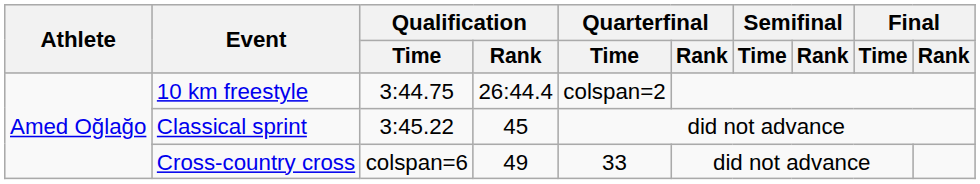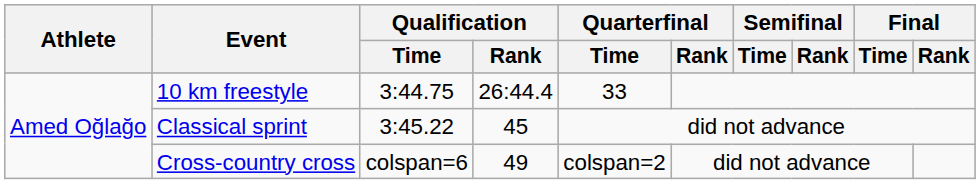 <table class="wikitable" style="font-size:90%">
 <tr>
 <th rowspan="2">Athlete</th>
 <th rowspan="2">Event</th>
 <th colspan="2">Qualification</th>
 <th colspan="2">Quarterfinal</th>
 <th colspan="2">Semifinal</th>
 <th colspan="2">Final</th>
 </tr>
 <tr style="font-size:95%">
 <th>Time</th>
 <th>Rank</th>
 <th>Time</th>
 <th>Rank</th>
 <th>Time</th>
 <th>Rank</th>
 <th>Time</th>
 <th>Rank</th>
 </tr>
 <tr align=center>
 <td align=left rowspan=3><a href='#'>Amed Oğlağo</a></td>
 <td align=left><a href='#'>10 km freestyle</a></td>
 <td>3:44.75</td>
 <td>26:44.4</td>
-<td>colspan=2 </td>
+<td>33</td>
 </tr>
 <tr align=center>
 <td align=left><a href='#'>Classical sprint</a></td>
 <td>3:45.22</td>
 <td>45</td>
 <td colspan=6>did not advance</td>
 </tr>
 <tr align=center>
 <td align=left><a href='#'>Cross-country cross</a></td>
 <td>colspan=6 </td>
 <td>49</td>
-<td>33</td>
+<td>colspan=2 </td>
 <td colspan=4>did not advance</td>
 </tr>
 </table>
